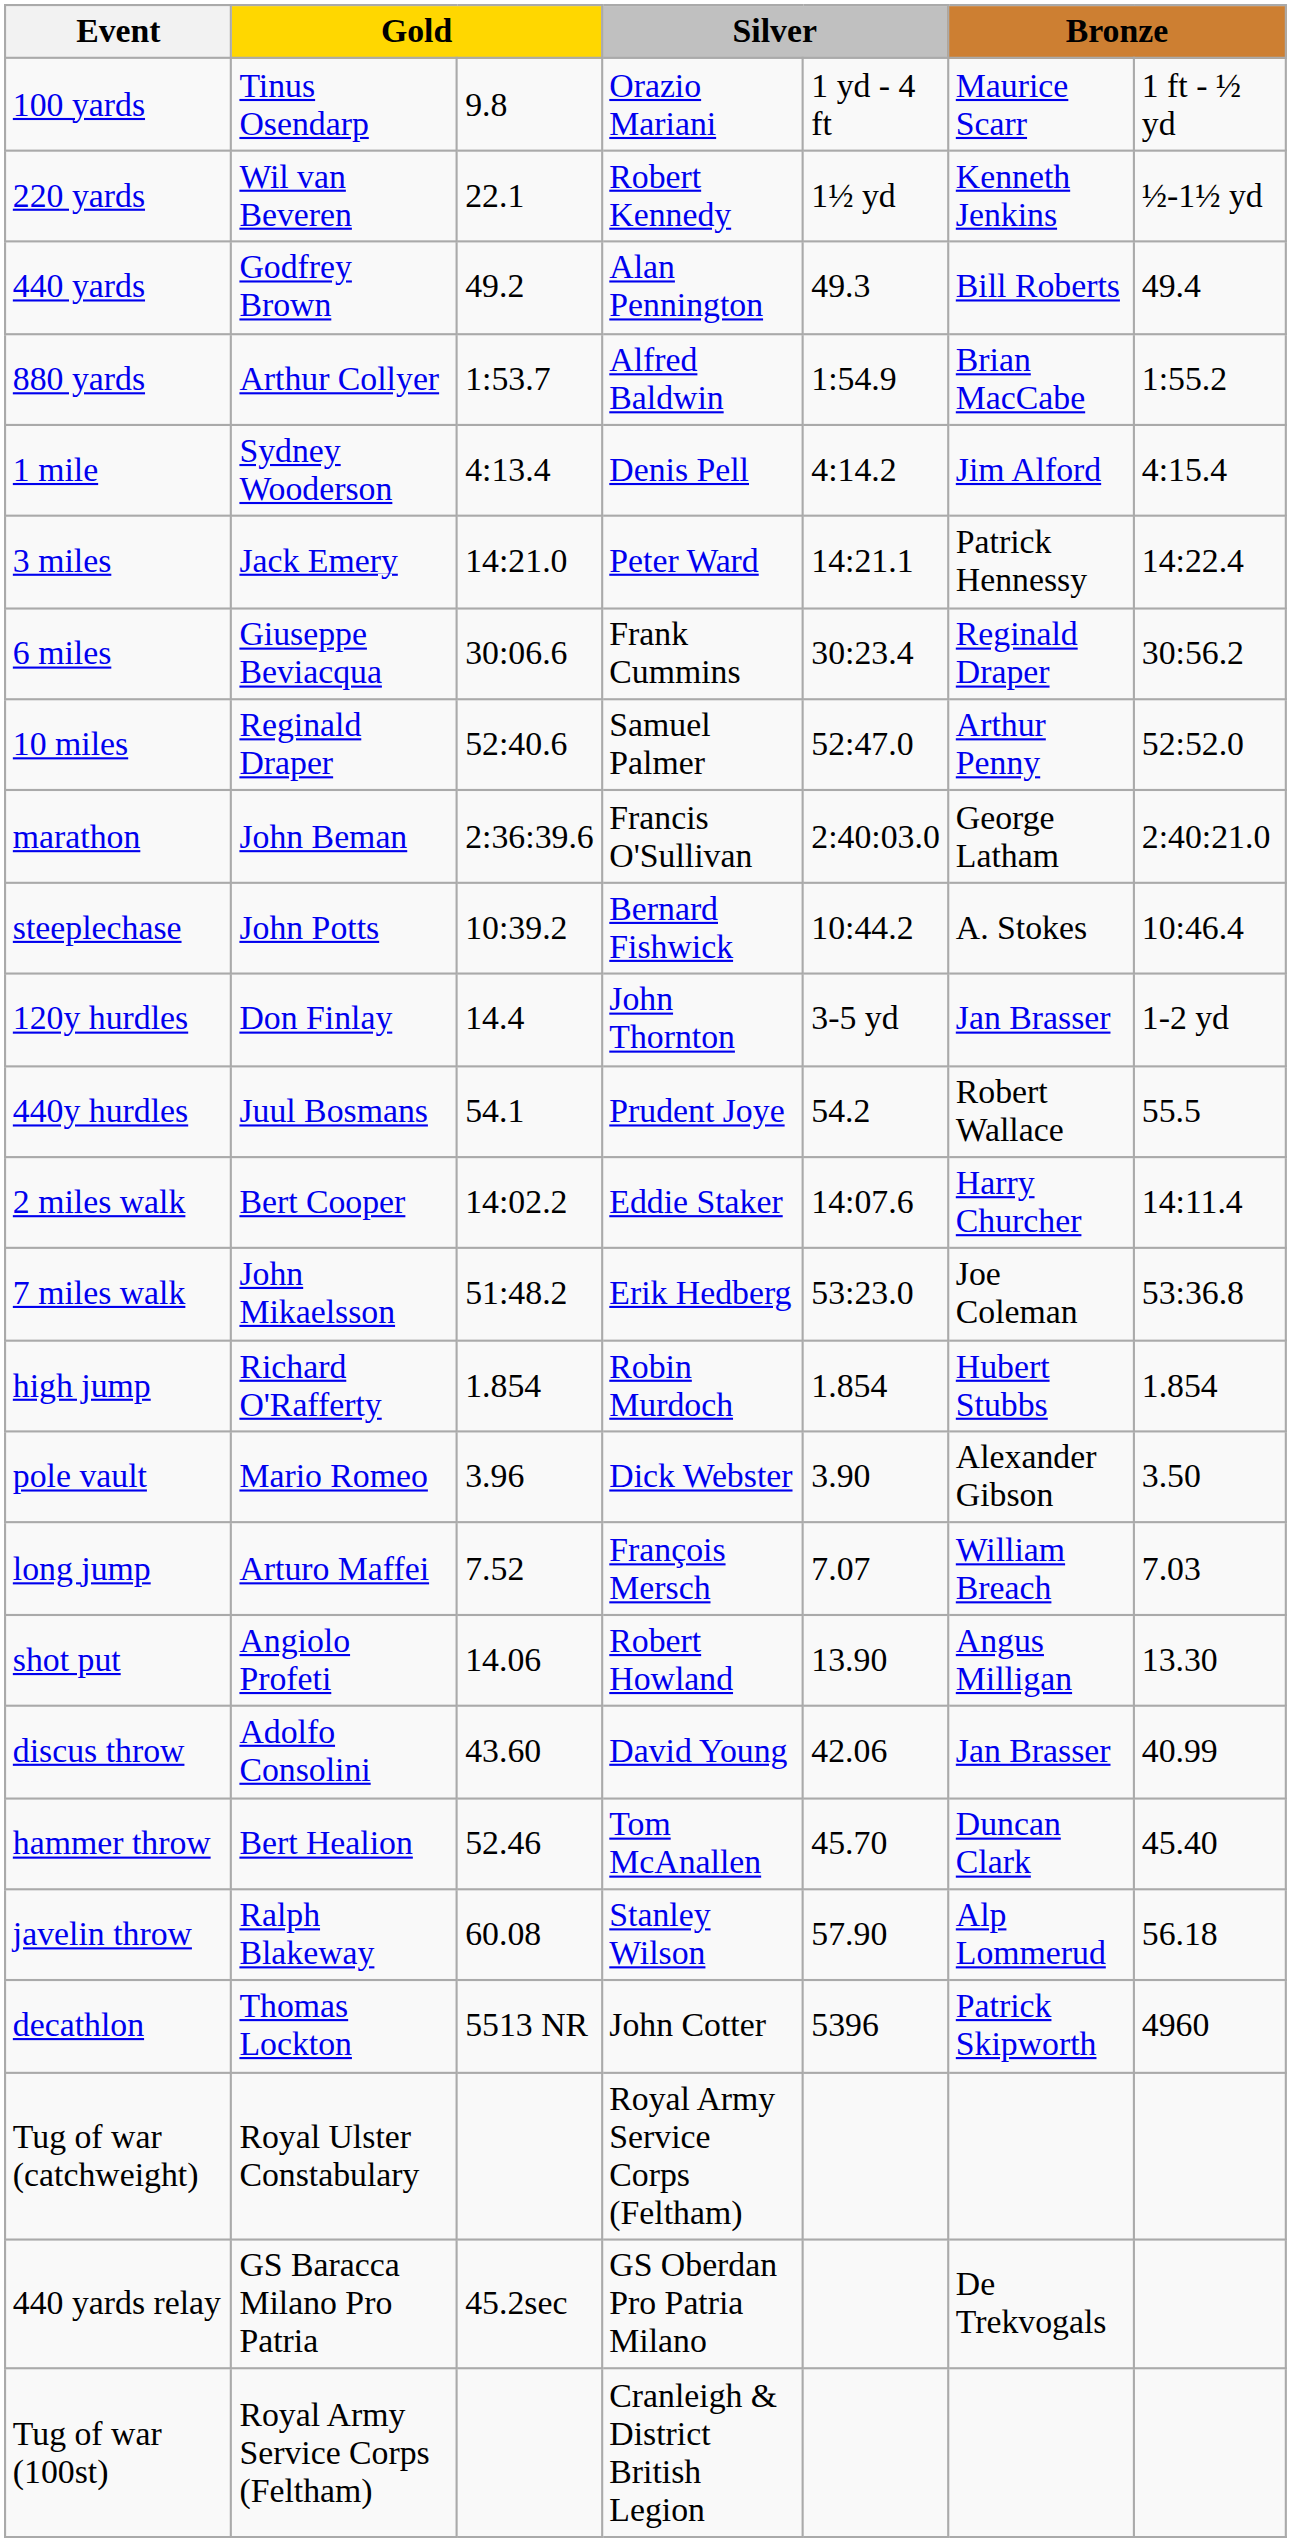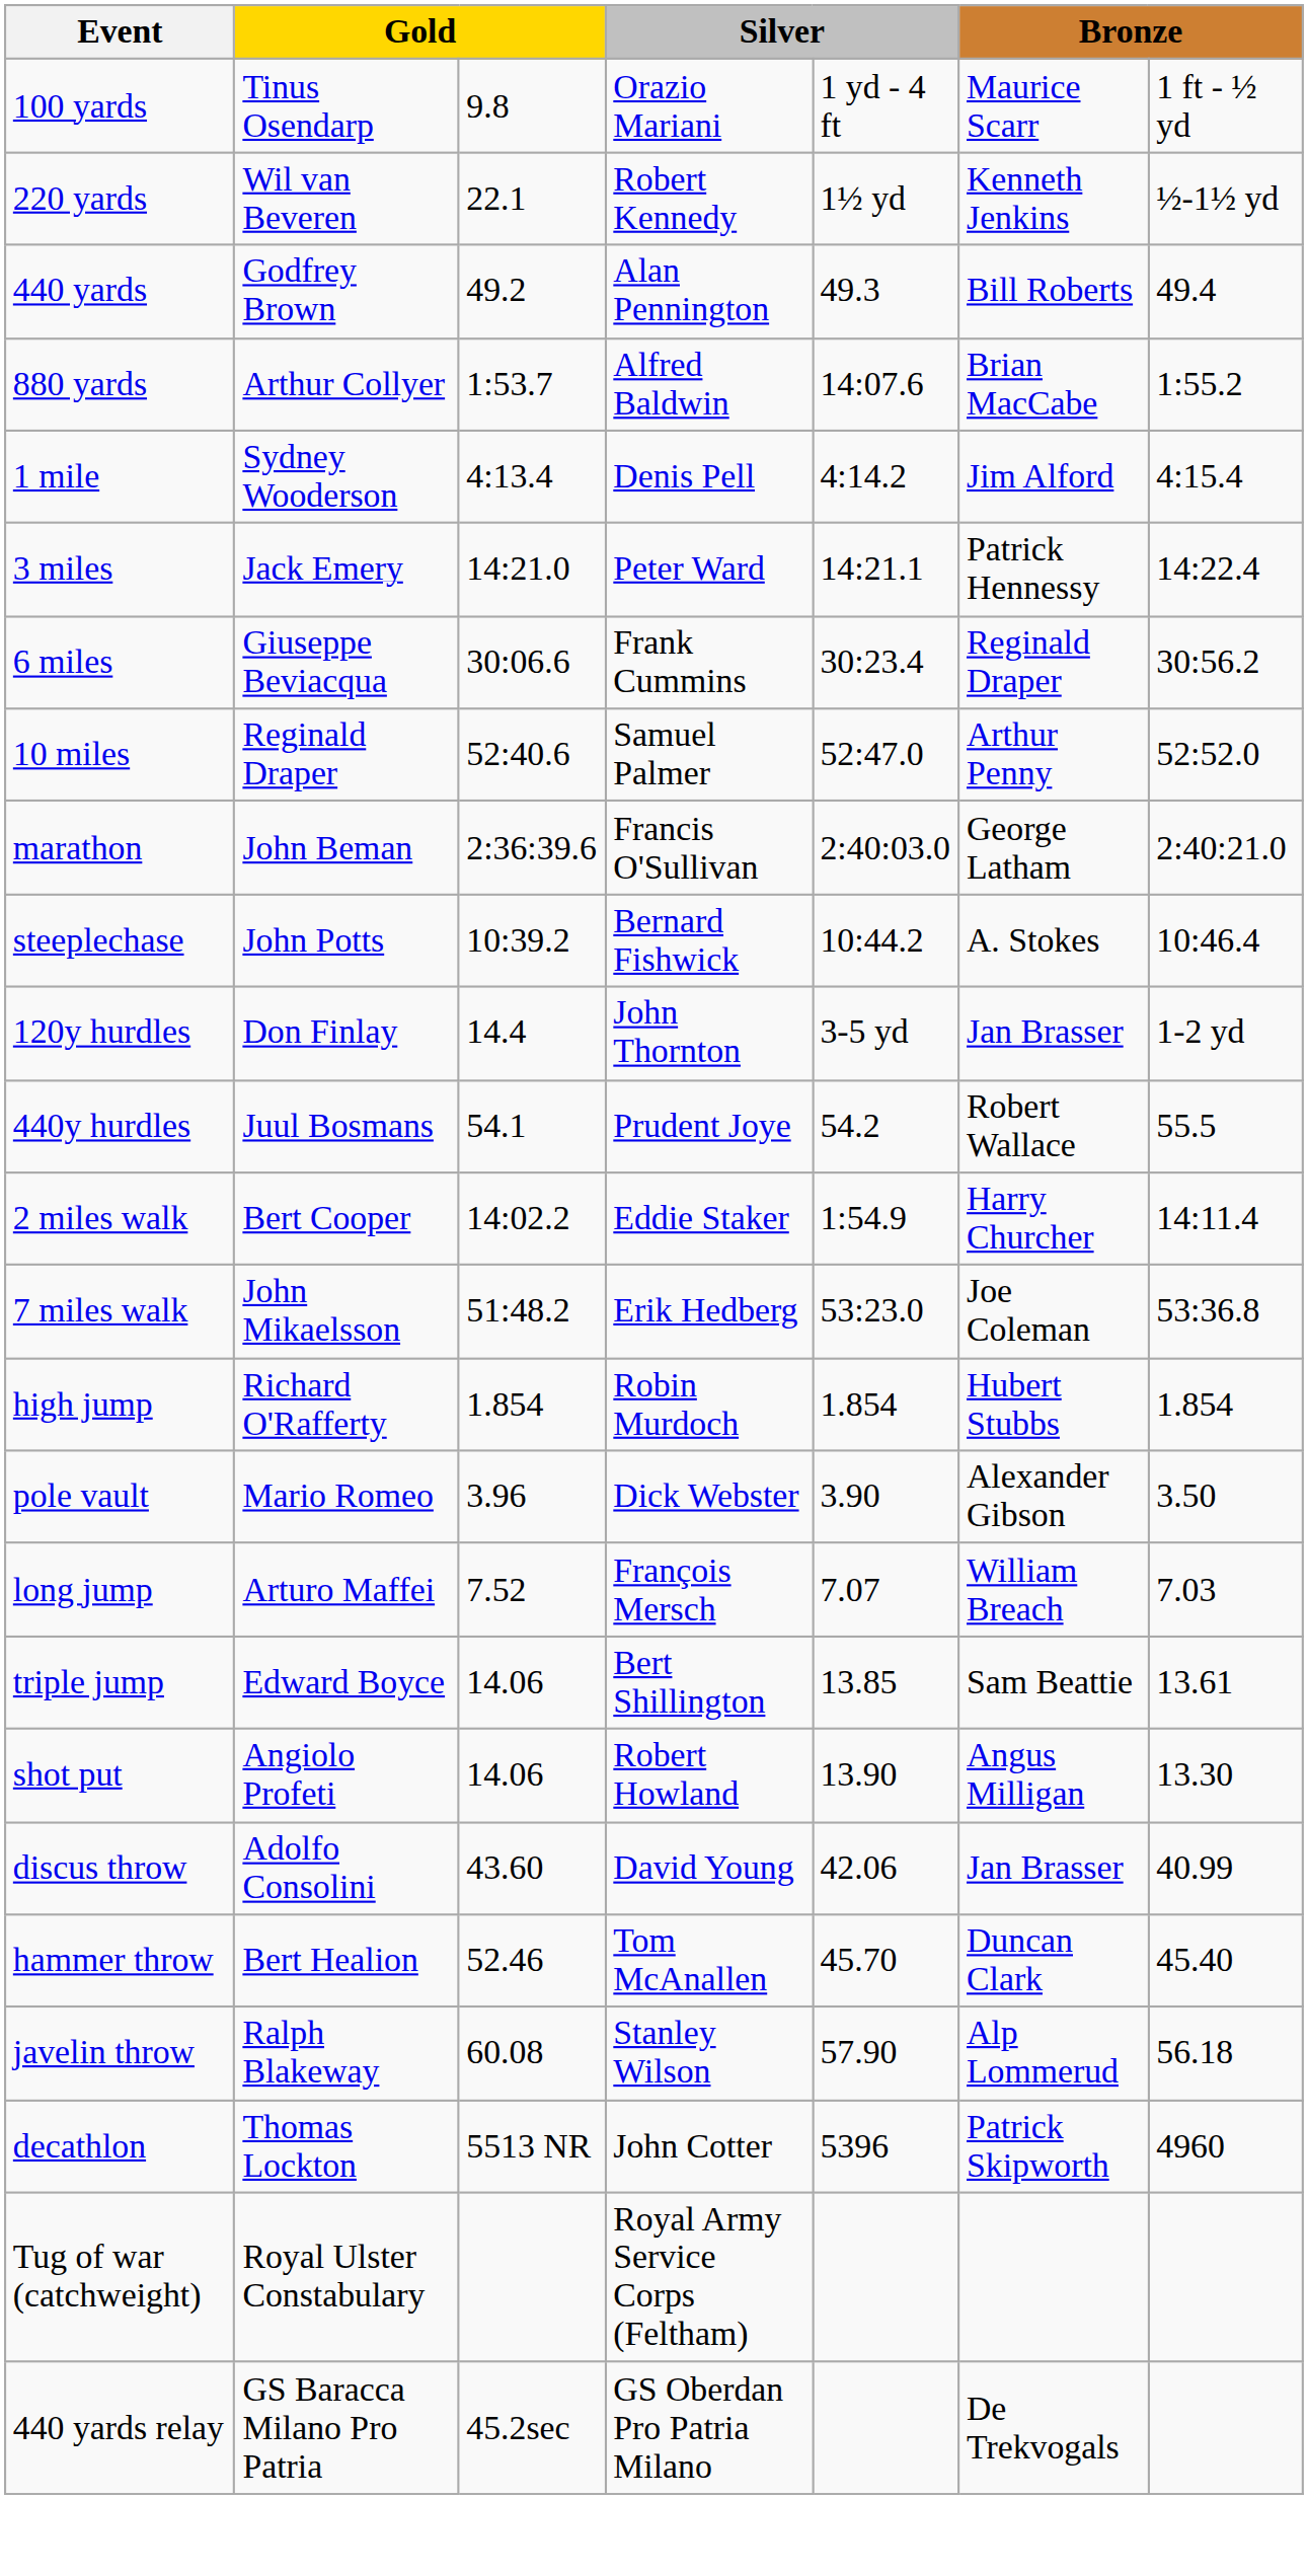 <table class="wikitable" style="text-align:left">
 <tr>
 <th width=100>Event</th>
 <th colspan="2" width="280" style="background:gold;">Gold</th>
 <th colspan="2" width="280" style="background:silver;">Silver</th>
 <th colspan="2" width="280" style="background:#CD7F32;">Bronze</th>
 </tr>
 <tr>
 <td><a href='#'>100 yards</a></td>
 <td> <a href='#'>Tinus Osendarp</a></td>
 <td>9.8</td>
 <td> <a href='#'>Orazio Mariani</a></td>
 <td>1 yd - 4 ft</td>
 <td><a href='#'>Maurice Scarr</a></td>
 <td>1 ft - ½ yd</td>
 </tr>
 <tr>
 <td><a href='#'>220 yards</a></td>
 <td> <a href='#'>Wil van Beveren</a></td>
 <td>22.1</td>
 <td> <a href='#'>Robert Kennedy</a></td>
 <td>1½ yd</td>
 <td><a href='#'>Kenneth Jenkins</a></td>
 <td>½-1½ yd</td>
 </tr>
 <tr>
 <td><a href='#'>440 yards</a></td>
 <td><a href='#'>Godfrey Brown</a></td>
 <td>49.2</td>
 <td><a href='#'>Alan Pennington</a></td>
 <td>49.3</td>
 <td><a href='#'>Bill Roberts</a></td>
 <td>49.4</td>
 </tr>
 <tr>
 <td><a href='#'>880 yards</a></td>
 <td><a href='#'>Arthur Collyer</a></td>
 <td>1:53.7</td>
 <td><a href='#'>Alfred Baldwin</a></td>
-<td>1:54.9</td>
+<td>14:07.6</td>
 <td><a href='#'>Brian MacCabe</a></td>
 <td>1:55.2</td>
 </tr>
 <tr>
 <td><a href='#'>1 mile</a></td>
 <td><a href='#'>Sydney Wooderson</a></td>
 <td>4:13.4</td>
 <td><a href='#'>Denis Pell</a></td>
 <td>4:14.2</td>
 <td> <a href='#'>Jim Alford</a></td>
 <td>4:15.4</td>
 </tr>
 <tr>
 <td><a href='#'>3 miles</a></td>
 <td><a href='#'>Jack Emery</a></td>
 <td>14:21.0</td>
 <td><a href='#'>Peter Ward</a></td>
 <td>14:21.1</td>
 <td>Patrick Hennessy</td>
 <td>14:22.4</td>
 </tr>
 <tr>
 <td><a href='#'>6 miles</a></td>
 <td> <a href='#'>Giuseppe Beviacqua</a></td>
 <td>30:06.6</td>
 <td> Frank Cummins</td>
 <td>30:23.4</td>
 <td><a href='#'>Reginald Draper</a></td>
 <td>30:56.2</td>
 </tr>
 <tr>
 <td><a href='#'>10 miles</a></td>
 <td><a href='#'>Reginald Draper</a></td>
 <td>52:40.6</td>
 <td> Samuel Palmer</td>
 <td>52:47.0</td>
 <td><a href='#'>Arthur Penny</a></td>
 <td>52:52.0</td>
 </tr>
 <tr>
 <td><a href='#'>marathon</a></td>
 <td><a href='#'>John Beman</a></td>
 <td>2:36:39.6</td>
 <td>Francis O'Sullivan</td>
 <td>2:40:03.0</td>
 <td>George Latham</td>
 <td>2:40:21.0</td>
 </tr>
 <tr>
 <td><a href='#'>steeplechase</a></td>
 <td><a href='#'>John Potts</a></td>
 <td>10:39.2</td>
 <td><a href='#'>Bernard Fishwick</a></td>
 <td>10:44.2</td>
 <td>A. Stokes</td>
 <td>10:46.4</td>
 </tr>
 <tr>
 <td><a href='#'>120y hurdles</a></td>
 <td><a href='#'>Don Finlay</a></td>
 <td>14.4</td>
 <td><a href='#'>John Thornton</a></td>
 <td>3-5 yd</td>
 <td> <a href='#'>Jan Brasser</a></td>
 <td>1-2 yd</td>
 </tr>
 <tr>
 <td><a href='#'>440y hurdles</a></td>
 <td> <a href='#'>Juul Bosmans</a></td>
 <td>54.1</td>
 <td>  <a href='#'>Prudent Joye</a></td>
 <td>54.2</td>
 <td> Robert Wallace</td>
 <td>55.5</td>
 </tr>
 <tr>
 <td><a href='#'>2 miles walk</a></td>
 <td><a href='#'>Bert Cooper</a></td>
 <td>14:02.2</td>
 <td><a href='#'>Eddie Staker</a></td>
-<td>14:07.6</td>
+<td>1:54.9</td>
 <td><a href='#'>Harry Churcher</a></td>
 <td>14:11.4</td>
 </tr>
 <tr>
 <td><a href='#'>7 miles walk</a></td>
 <td> <a href='#'>John Mikaelsson</a></td>
 <td>51:48.2</td>
 <td> <a href='#'>Erik Hedberg</a></td>
 <td>53:23.0</td>
 <td>Joe Coleman</td>
 <td>53:36.8</td>
 </tr>
 <tr>
 <td><a href='#'>high jump</a></td>
 <td> <a href='#'>Richard O'Rafferty</a></td>
 <td>1.854</td>
 <td> <a href='#'>Robin Murdoch</a></td>
 <td>1.854</td>
 <td><a href='#'>Hubert Stubbs</a></td>
 <td>1.854</td>
 </tr>
 <tr>
 <td><a href='#'>pole vault</a></td>
 <td> <a href='#'>Mario Romeo</a></td>
 <td>3.96</td>
 <td><a href='#'>Dick Webster</a></td>
 <td>3.90</td>
 <td> Alexander Gibson</td>
 <td>3.50</td>
 </tr>
 <tr>
 <td><a href='#'>long jump</a></td>
 <td> <a href='#'>Arturo Maffei</a></td>
 <td>7.52</td>
 <td> <a href='#'>François Mersch</a></td>
 <td>7.07</td>
 <td><a href='#'>William Breach</a></td>
 <td>7.03</td>
+</tr>
+<tr>
+<td><a href='#'>triple jump</a></td>
+<td> <a href='#'>Edward Boyce</a></td>
+<td>14.06</td>
+<td><a href='#'>Bert Shillington</a></td>
+<td>13.85</td>
+<td> Sam Beattie</td>
+<td>13.61</td>
 </tr>
 <tr>
 <td><a href='#'>shot put</a></td>
 <td> <a href='#'>Angiolo Profeti</a></td>
 <td>14.06</td>
 <td><a href='#'>Robert Howland</a></td>
 <td>13.90</td>
 <td> <a href='#'>Angus Milligan</a></td>
 <td>13.30</td>
 </tr>
 <tr>
 <td><a href='#'>discus throw</a></td>
 <td> <a href='#'>Adolfo Consolini</a></td>
 <td>43.60</td>
 <td> <a href='#'>David Young</a></td>
 <td>42.06</td>
 <td> <a href='#'>Jan Brasser</a></td>
 <td>40.99</td>
 </tr>
 <tr>
 <td><a href='#'>hammer throw</a></td>
 <td> <a href='#'>Bert Healion</a></td>
 <td>52.46</td>
 <td><a href='#'>Tom McAnallen</a></td>
 <td>45.70</td>
 <td> <a href='#'>Duncan Clark</a></td>
 <td>45.40</td>
 </tr>
 <tr>
 <td><a href='#'>javelin throw</a></td>
 <td> <a href='#'>Ralph Blakeway</a></td>
 <td>60.08</td>
 <td><a href='#'>Stanley Wilson</a></td>
 <td>57.90</td>
 <td> <a href='#'>Alp Lommerud</a></td>
 <td>56.18</td>
 </tr>
 <tr>
 <td><a href='#'>decathlon</a></td>
 <td><a href='#'>Thomas Lockton</a></td>
 <td>5513 NR</td>
 <td>John Cotter</td>
 <td>5396</td>
 <td><a href='#'>Patrick Skipworth</a></td>
 <td>4960</td>
 </tr>
 <tr>
 <td>Tug of war (catchweight)</td>
 <td>Royal Ulster Constabulary</td>
 <td></td>
 <td>Royal Army Service Corps (Feltham)</td>
 <td></td>
 <td></td>
 <td></td>
 </tr>
 <tr>
 <td>440 yards relay</td>
 <td>GS Baracca Milano Pro Patria</td>
 <td>45.2sec</td>
 <td>GS Oberdan Pro Patria Milano</td>
 <td></td>
 <td>De Trekvogals</td>
 <td></td>
 </tr>
-<tr>
-<td>Tug of war (100st)</td>
-<td>Royal Army Service Corps (Feltham)</td>
-<td></td>
-<td>Cranleigh & District British Legion</td>
-<td></td>
-<td></td>
-<td></td>
-</tr>
 </table>
